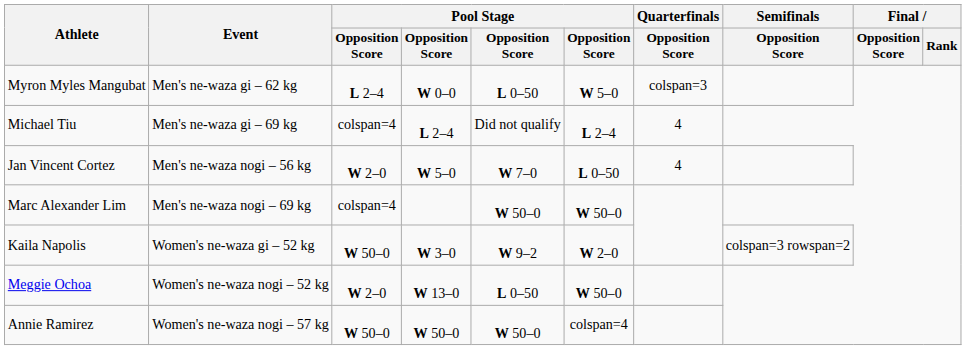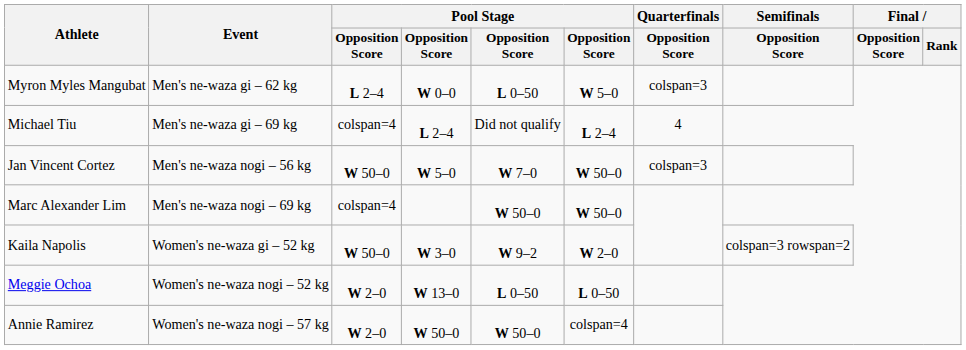 <table class="wikitable" style="font-size:90%">
 <tr>
 <th rowspan=2>Athlete</th>
 <th rowspan=2>Event</th>
 <th colspan=4>Pool Stage</th>
 <th>Quarterfinals</th>
 <th>Semifinals</th>
 <th colspan=2>Final / </th>
 </tr>
 <tr style="font-size:95%">
 <th>Opposition<br>Score</th>
 <th>Opposition<br>Score</th>
 <th>Opposition<br>Score</th>
 <th>Opposition<br>Score</th>
 <th>Opposition<br>Score</th>
 <th>Opposition<br>Score</th>
 <th>Opposition<br>Score</th>
 <th>Rank</th>
 </tr>
 <tr align=center>
 <td align=left>Myron Myles Mangubat</td>
 <td align=left>Men's ne-waza gi – 62 kg</td>
 <td><br><strong>L</strong> 2–4</td>
 <td><br><strong>W</strong> 0–0</td>
 <td><br><strong>L</strong> 0–50</td>
 <td><br><strong>W</strong> 5–0</td>
 <td>colspan=3 </td>
 <td></td>
 </tr>
 <tr align=center>
 <td align=left>Michael Tiu</td>
 <td align=left>Men's ne-waza gi – 69 kg</td>
 <td>colspan=4 </td>
 <td><br><strong>L</strong> 2–4</td>
 <td>Did not qualify</td>
 <td><br><strong>L</strong> 2–4</td>
 <td>4</td>
 </tr>
 <tr align=center>
 <td align=left>Jan Vincent Cortez</td>
 <td align=left>Men's ne-waza nogi – 56 kg</td>
-<td><br><strong>W</strong> 2–0</td>
+<td><br><strong>W</strong> 50–0</td>
 <td><br><strong>W</strong> 5–0</td>
 <td><br><strong>W</strong> 7–0</td>
-<td><br><strong>L</strong> 0–50</td>
-<td>4</td>
+<td><br><strong>W</strong> 50–0</td>
+<td>colspan=3 </td>
 <td></td>
 </tr>
 <tr align=center>
 <td align=left>Marc Alexander Lim</td>
 <td align=left>Men's ne-waza nogi – 69 kg</td>
 <td>colspan=4 </td>
 <td></td>
 <td><br><strong>W</strong> 50–0</td>
 <td><br><strong>W</strong> 50–0</td>
 <td rowspan=2></td>
 </tr>
 <tr align=center>
 <td align=left>Kaila Napolis</td>
 <td align=left>Women's ne-waza gi – 52 kg</td>
 <td><br><strong>W</strong> 50–0</td>
 <td><br><strong>W</strong> 3–0</td>
 <td><br><strong>W</strong> 9–2</td>
 <td><br><strong>W</strong> 2–0</td>
 <td>colspan=3 rowspan=2 </td>
 </tr>
 <tr align=center>
 <td align=left><a href='#'>Meggie Ochoa</a></td>
 <td align=left>Women's ne-waza nogi – 52 kg</td>
 <td><br><strong>W</strong> 2–0</td>
 <td><br><strong>W</strong> 13–0</td>
 <td><br><strong>L</strong> 0–50</td>
-<td><br><strong>W</strong> 50–0</td>
+<td><br><strong>L</strong> 0–50</td>
 <td align=center></td>
 </tr>
 <tr align=center>
 <td align=left>Annie Ramirez</td>
 <td align=left>Women's ne-waza nogi – 57 kg</td>
-<td><br><strong>W</strong> 50–0</td>
+<td><br><strong>W</strong> 2–0</td>
 <td><br><strong>W</strong> 50–0</td>
 <td><br><strong>W</strong> 50–0</td>
 <td>colspan=4 </td>
 <td align=center></td>
 </tr>
 </table>
